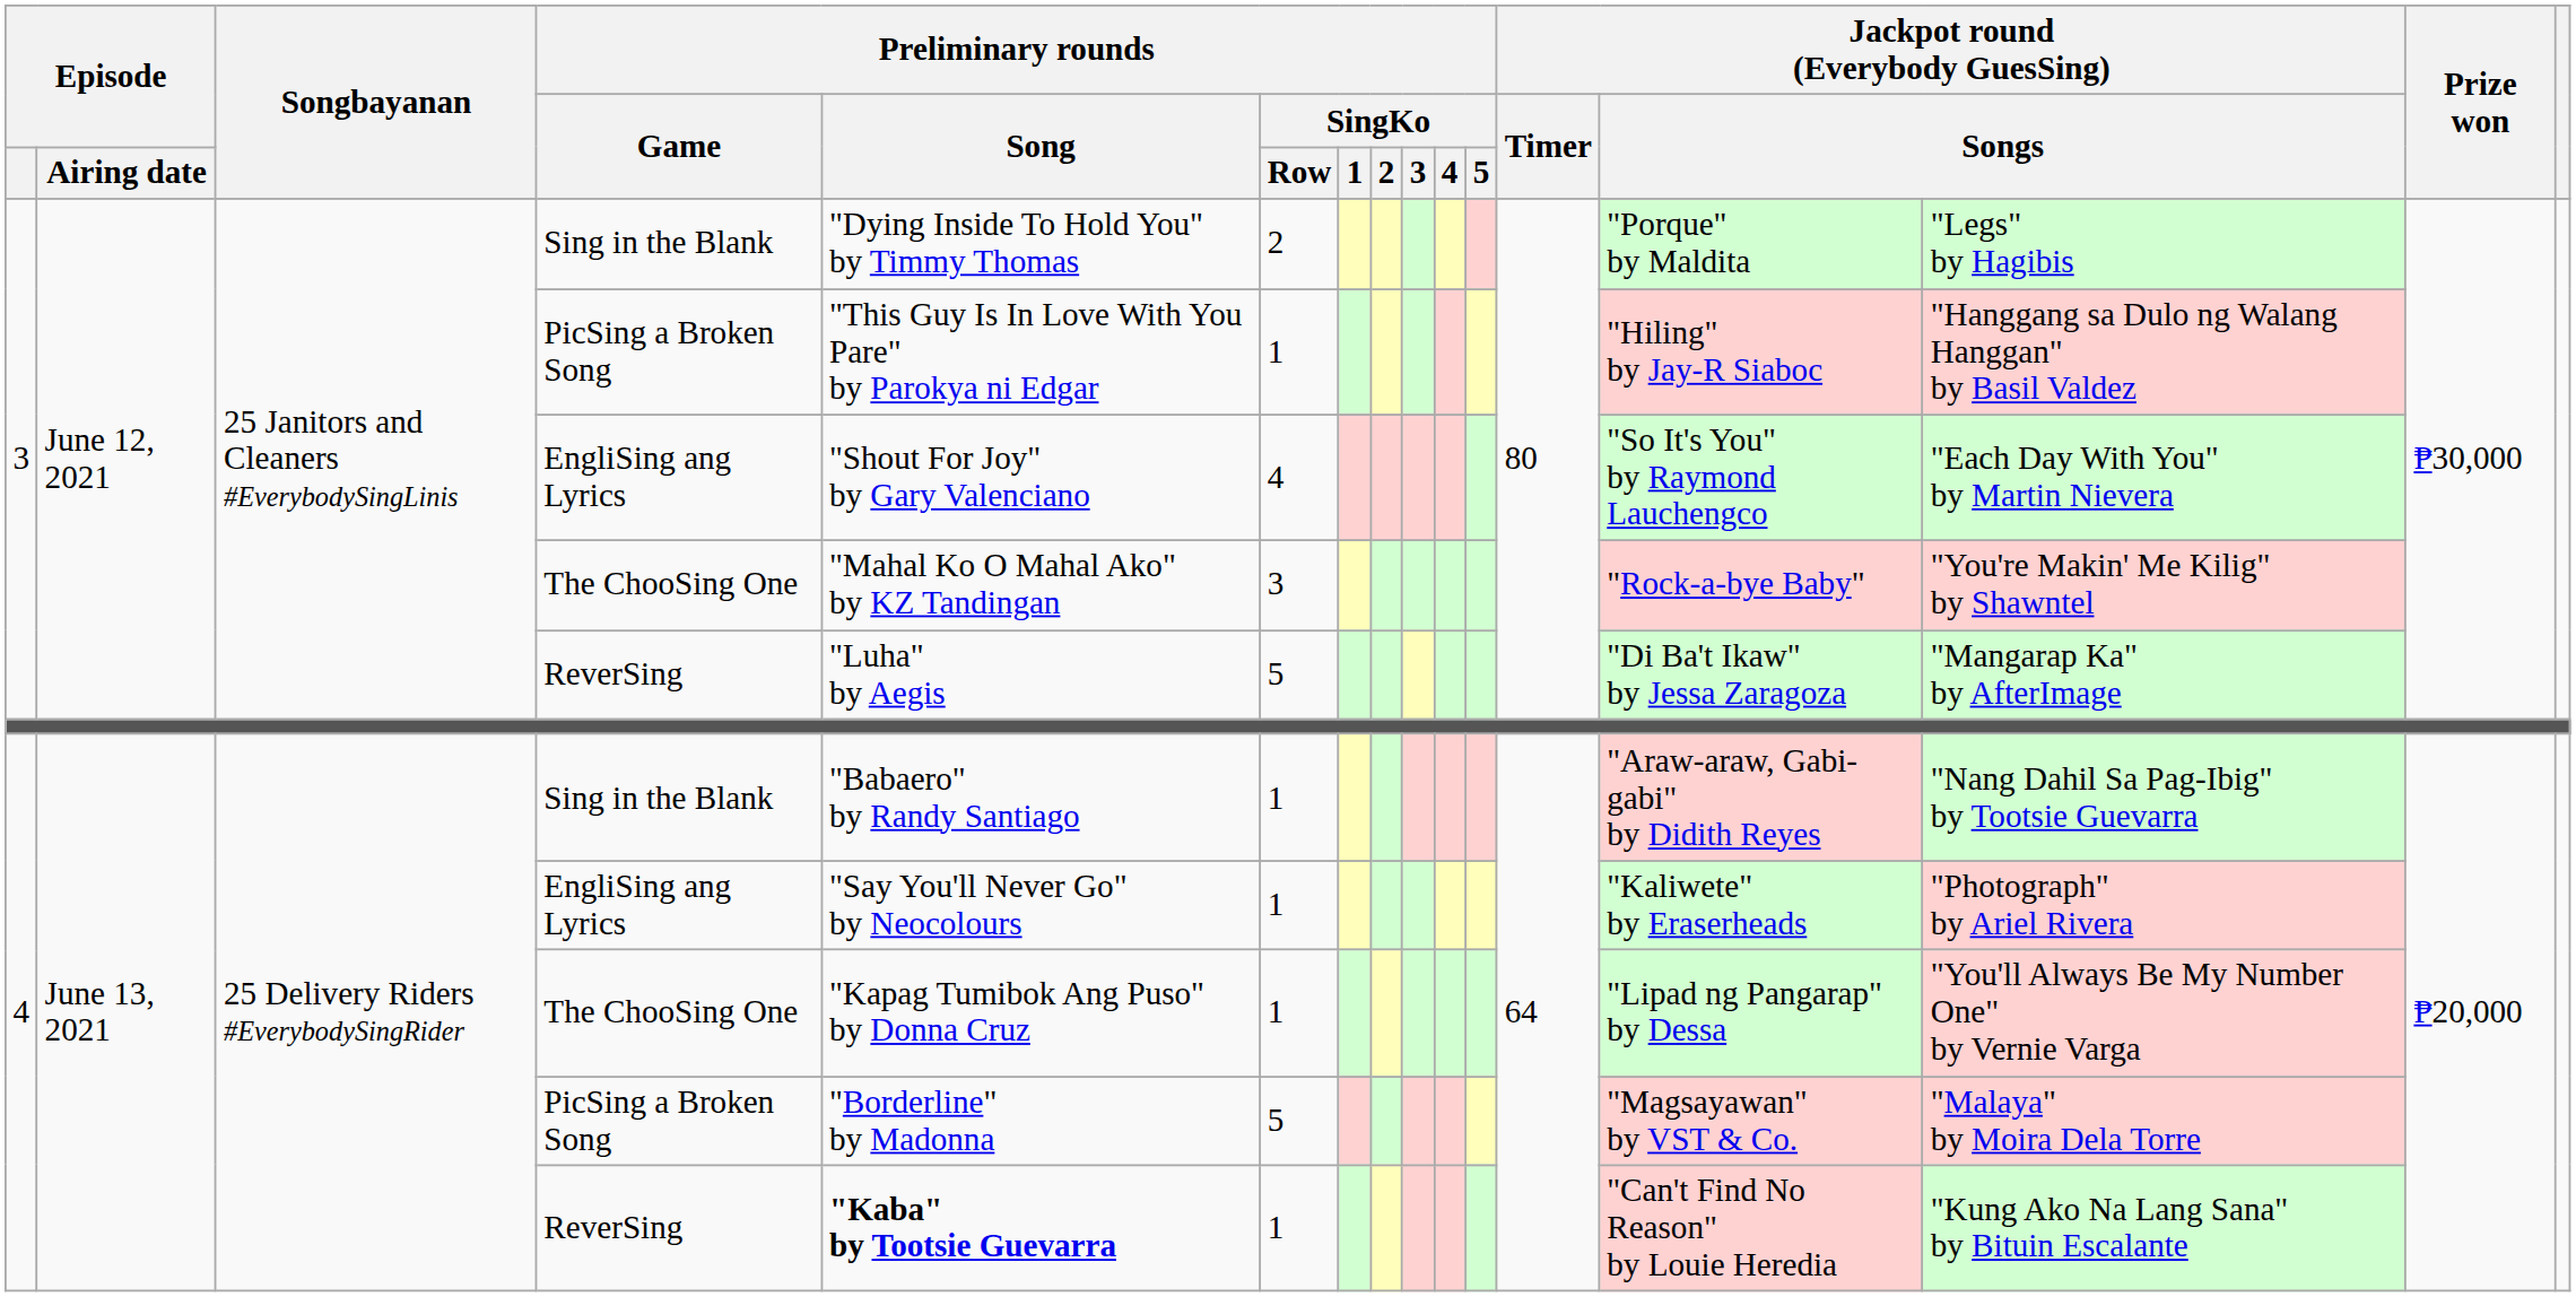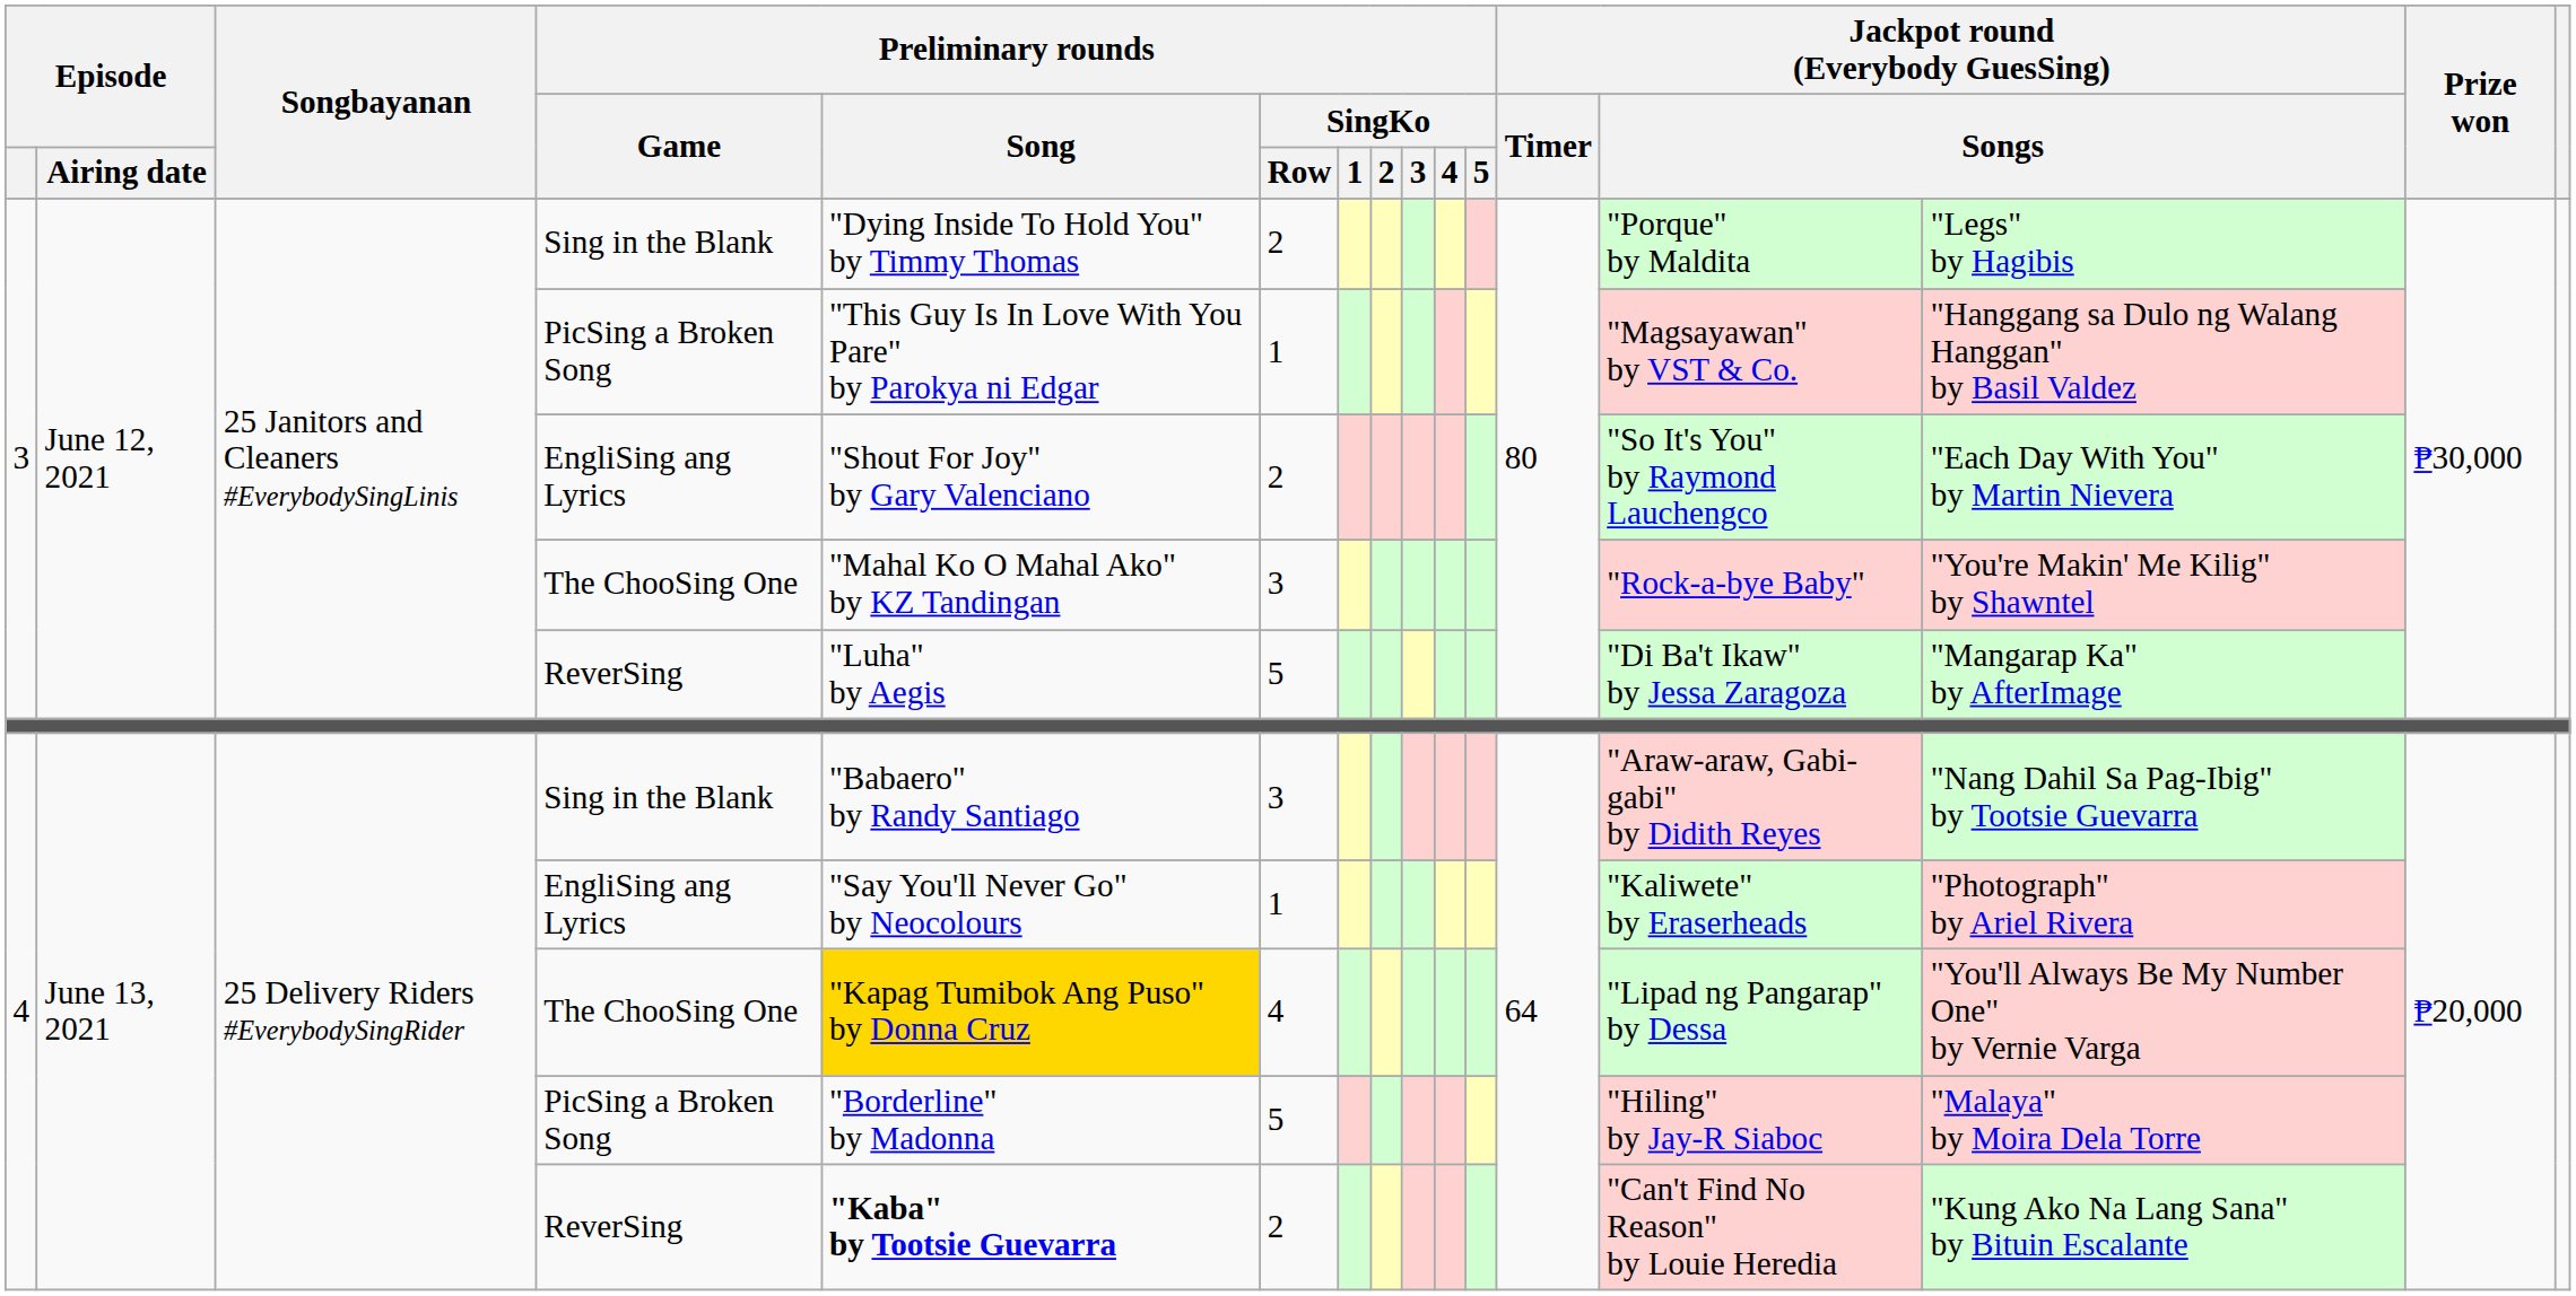 <table class="wikitable plainrowheaders mw-collapsible ">
 <tr>
 <th colspan="2" rowspan="2">Episode</th>
 <th rowspan="3">Songbayanan</th>
 <th colspan="8">Preliminary rounds</th>
 <th colspan="3">Jackpot round<br>(Everybody GuesSing)</th>
 <th rowspan="3">Prize won</th>
 <th rowspan="3"></th>
 </tr>
 <tr>
 <th rowspan="2">Game</th>
 <th rowspan="2">Song</th>
 <th colspan="6">SingKo</th>
 <th rowspan="2">Timer</th>
 <th colspan="2" rowspan="2">Songs</th>
 </tr>
 <tr>
 <th></th>
 <th>Airing date</th>
 <th>Row</th>
 <th>1</th>
 <th>2</th>
 <th>3</th>
 <th>4</th>
 <th>5</th>
 </tr>
 <tr>
 <td rowspan="5">3</td>
 <td rowspan="5">June 12, 2021</td>
 <td rowspan="5">25 Janitors and Cleaners<br><small><em>#EverybodySingLinis</em></small></td>
 <td>Sing in the Blank</td>
 <td>"Dying Inside To Hold You"<br>by <a href='#'>Timmy Thomas</a></td>
 <td>2</td>
 <td style="background:#FFB"></td>
 <td style="background:#FFB"></td>
 <td style="background:#D2FFD2"></td>
 <td style="background:#FFB"></td>
 <td style="background:#FFD2D2"></td>
 <td rowspan="5">80 </td>
 <td style="background:#D2FFD2">"Porque"<br>by Maldita</td>
 <td style="background:#D2FFD2">"Legs"<br>by <a href='#'>Hagibis</a></td>
 <td rowspan="5"><a href='#'>₱</a>30,000</td>
 <td rowspan="5"><br><br></td>
 </tr>
 <tr>
 <td>PicSing a Broken Song</td>
 <td>"This Guy Is In Love With You Pare"<br>by <a href='#'>Parokya ni Edgar</a></td>
 <td>1</td>
 <td style="background:#D2FFD2"></td>
 <td style="background:#FFB"></td>
 <td style="background:#D2FFD2"></td>
 <td style="background:#FFD2D2"></td>
 <td style="background:#FFB"></td>
-<td style="background:#FFD2D2">"Hiling"<br>by <a href='#'>Jay-R Siaboc</a></td>
+<td style="background:#FFD2D2">"Magsayawan"<br>by <a href='#'>VST & Co.</a></td>
 <td style="background:#FFD2D2">"Hanggang sa Dulo ng Walang Hanggan"<br>by <a href='#'>Basil Valdez</a></td>
 </tr>
 <tr>
 <td>EngliSing ang Lyrics</td>
 <td>"Shout For Joy"<br>by <a href='#'>Gary Valenciano</a></td>
-<td>4</td>
+<td>2</td>
 <td style="background:#FFD2D2"></td>
 <td style="background:#FFD2D2"></td>
 <td style="background:#FFD2D2"></td>
 <td style="background:#FFD2D2"></td>
 <td style="background:#D2FFD2"></td>
 <td style="background:#D2FFD2">"So It's You"<br>by <a href='#'>Raymond Lauchengco</a></td>
 <td style="background:#D2FFD2">"Each Day With You"<br>by <a href='#'>Martin Nievera</a></td>
 </tr>
 <tr>
 <td>The ChooSing One</td>
 <td>"Mahal Ko O Mahal Ako"<br>by <a href='#'>KZ Tandingan</a></td>
 <td>3</td>
 <td style="background:#FFB"></td>
 <td style="background:#D2FFD2"></td>
 <td style="background:#D2FFD2"></td>
 <td style="background:#D2FFD2"></td>
 <td style="background:#D2FFD2"></td>
 <td style="background:#FFD2D2">"<a href='#'>Rock-a-bye Baby</a>"</td>
 <td style="background:#FFD2D2">"You're Makin' Me Kilig"<br>by <a href='#'>Shawntel</a></td>
 </tr>
 <tr>
 <td>ReverSing</td>
 <td>"Luha"<br>by <a href='#'>Aegis</a></td>
 <td>5</td>
 <td style="background:#D2FFD2"></td>
 <td style="background:#D2FFD2"></td>
 <td style="background:#FFB"></td>
 <td style="background:#D2FFD2"></td>
 <td style="background:#D2FFD2"></td>
 <td style="background:#D2FFD2">"Di Ba't Ikaw"<br>by <a href='#'>Jessa Zaragoza</a></td>
 <td style="background:#D2FFD2">"Mangarap Ka"<br>by <a href='#'>AfterImage</a></td>
 </tr>
 <tr>
 <th colspan="16" style="background:#555"></th>
 </tr>
 <tr>
 <td rowspan="5">4</td>
 <td rowspan="5">June 13, 2021</td>
 <td rowspan="5">25 Delivery Riders<br><small><em>#EverybodySingRider</em></small></td>
 <td>Sing in the Blank</td>
 <td>"Babaero"<br>by <a href='#'>Randy Santiago</a></td>
-<td>1</td>
+<td>3</td>
 <td style="background:#FFB"></td>
 <td style="background:#D2FFD2"></td>
 <td style="background:#FFD2D2"></td>
 <td style="background:#FFD2D2"></td>
 <td style="background:#FFD2D2"></td>
 <td rowspan="5">64 </td>
 <td style="background:#FFD2D2">"Araw-araw, Gabi-gabi"<br>by <a href='#'>Didith Reyes</a></td>
 <td style="background:#D2FFD2">"Nang Dahil Sa Pag-Ibig"<br>by <a href='#'>Tootsie Guevarra</a></td>
 <td rowspan="5"><a href='#'>₱</a>20,000</td>
 <td rowspan="5"><br><br></td>
 </tr>
 <tr>
 <td>EngliSing ang Lyrics</td>
 <td>"Say You'll Never Go"<br>by <a href='#'>Neocolours</a></td>
 <td>1</td>
 <td style="background:#FFB"></td>
 <td style="background:#D2FFD2"></td>
 <td style="background:#D2FFD2"></td>
 <td style="background:#FFB"></td>
 <td style="background:#FFB"></td>
 <td style="background:#D2FFD2">"Kaliwete"<br>by <a href='#'>Eraserheads</a></td>
 <td style="background:#FFD2D2">"Photograph"<br>by <a href='#'>Ariel Rivera</a></td>
 </tr>
 <tr>
 <td>The ChooSing One</td>
-<td>"Kapag Tumibok Ang Puso"<br>by <a href='#'>Donna Cruz</a></td>
-<td>1</td>
+<td style="background: gold;">"Kapag Tumibok Ang Puso"<br>by <a href='#'>Donna Cruz</a></td>
+<td>4</td>
 <td style="background:#D2FFD2"></td>
 <td style="background:#FFB"></td>
 <td style="background:#D2FFD2"></td>
 <td style="background:#D2FFD2"></td>
 <td style="background:#D2FFD2"></td>
 <td style="background:#D2FFD2">"Lipad ng Pangarap"<br>by <a href='#'>Dessa</a></td>
 <td style="background:#FFD2D2">"You'll Always Be My Number One"<br>by Vernie Varga</td>
 </tr>
 <tr>
 <td>PicSing a Broken Song</td>
 <td>"<a href='#'>Borderline</a>"<br>by <a href='#'>Madonna</a></td>
 <td>5</td>
 <td style="background:#FFD2D2"></td>
 <td style="background:#D2FFD2"></td>
 <td style="background:#FFD2D2"></td>
 <td style="background:#FFD2D2"></td>
 <td style="background:#FFB"></td>
-<td style="background:#FFD2D2">"Magsayawan"<br>by <a href='#'>VST & Co.</a></td>
+<td style="background:#FFD2D2">"Hiling"<br>by <a href='#'>Jay-R Siaboc</a></td>
 <td style="background:#FFD2D2">"<a href='#'>Malaya</a>"<br>by <a href='#'>Moira Dela Torre</a></td>
 </tr>
 <tr>
 <td>ReverSing</td>
 <td><strong>"Kaba"<br>by <a href='#'>Tootsie Guevarra</a></strong></td>
-<td>1</td>
+<td>2</td>
 <td style="background:#D2FFD2"></td>
 <td style="background:#FFB"></td>
 <td style="background:#FFD2D2"></td>
 <td style="background:#FFD2D2"></td>
 <td style="background:#D2FFD2"></td>
 <td style="background:#FFD2D2">"Can't Find No Reason"<br>by Louie Heredia</td>
 <td style="background:#D2FFD2">"Kung Ako Na Lang Sana"<br>by <a href='#'>Bituin Escalante</a></td>
 </tr>
 </table>
